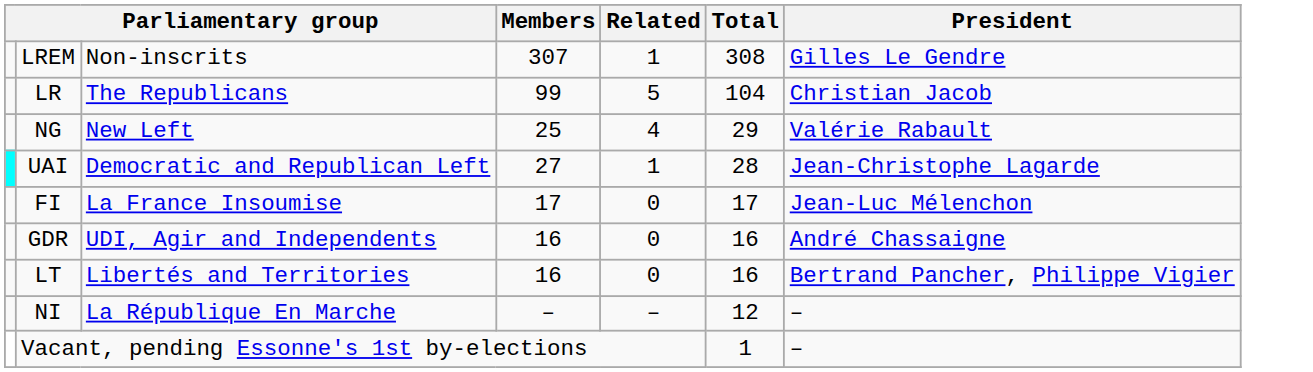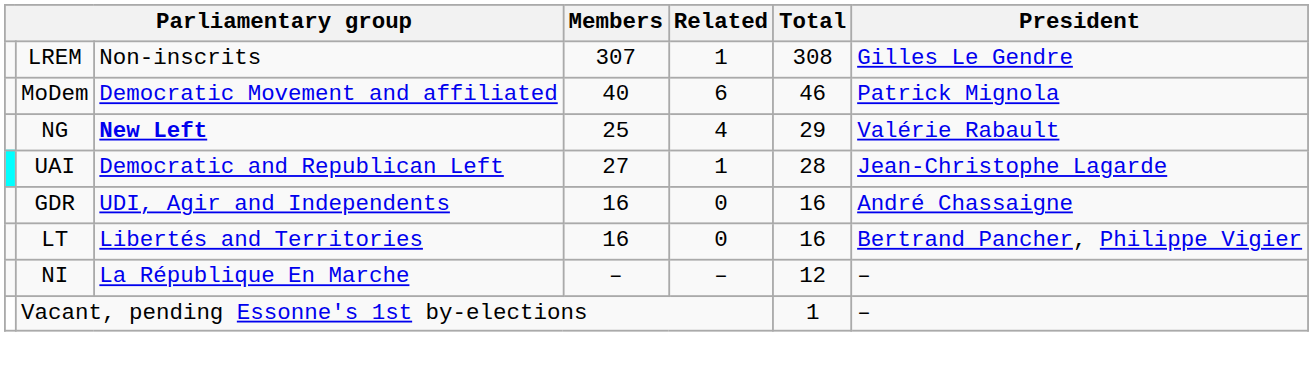 <table class="wikitable" style="font-size:95%;text-align:center;">
 <tr style="background-color:#E9E9E9;">
 <th colspan="3">Parliamentary group</th>
 <th>Members</th>
 <th>Related</th>
 <th>Total</th>
 <th>President</th>
 </tr>
 <tr>
 <td style="background:"></td>
 <td>LREM</td>
 <td style="text-align:left;">Non-inscrits</td>
 <td>307</td>
 <td>1</td>
 <td>308</td>
 <td style="text-align:left;"><a href='#'>Gilles Le Gendre</a></td>
 </tr>
 <tr>
 <td style="background:"></td>
-<td>LR</td>
-<td style="text-align:left;"><a href='#'>The Republicans</a></td>
-<td>99</td>
-<td>5</td>
-<td>104</td>
-<td style="text-align:left;"><a href='#'>Christian Jacob</a></td>
+<td>MoDem</td>
+<td style="text-align:left;"><a href='#'>Democratic Movement and affiliated</a></td>
+<td>40</td>
+<td>6</td>
+<td>46</td>
+<td style="text-align:left;"><a href='#'>Patrick Mignola</a></td>
 </tr>
 <tr>
 <td style="background:"></td>
 <td>NG</td>
-<td style="text-align:left;"><a href='#'>New Left</a></td>
+<td style="text-align:left;"><strong><a href='#'>New Left</a></strong></td>
 <td>25</td>
 <td>4</td>
 <td>29</td>
 <td style="text-align:left;"><a href='#'>Valérie Rabault</a></td>
 </tr>
 <tr>
 <td style="background:#00FFFF;"></td>
 <td>UAI</td>
 <td style="text-align:left;"><a href='#'>Democratic and Republican Left</a></td>
 <td>27</td>
 <td>1</td>
 <td>28</td>
 <td style="text-align:left;"><a href='#'>Jean-Christophe Lagarde</a></td>
-</tr>
-<tr>
-<td style="background:"></td>
-<td>FI</td>
-<td style="text-align:left;"><a href='#'>La France Insoumise</a></td>
-<td>17</td>
-<td>0</td>
-<td>17</td>
-<td style="text-align:left;"><a href='#'>Jean-Luc Mélenchon</a></td>
 </tr>
 <tr>
 <td style="background:"></td>
 <td>GDR</td>
 <td style="text-align:left;"><a href='#'>UDI, Agir and Independents</a></td>
 <td>16</td>
 <td>0</td>
 <td>16</td>
 <td style="text-align:left;"><a href='#'>André Chassaigne</a></td>
 </tr>
 <tr>
 <td style="background:"></td>
 <td>LT</td>
 <td style="text-align:left;"><a href='#'>Libertés and Territories</a></td>
 <td>16</td>
 <td>0</td>
 <td>16</td>
 <td style="text-align:left;"><a href='#'>Bertrand Pancher</a>, <a href='#'>Philippe Vigier</a></td>
 </tr>
 <tr>
 <td style="background:"></td>
 <td>NI</td>
 <td style="text-align:left;"><a href='#'>La République En Marche</a></td>
 <td>–</td>
 <td>–</td>
 <td>12</td>
 <td style="text-align:left;">–</td>
 </tr>
 <tr>
 <td style="background:#FFFFFF;"></td>
 <td colspan="4" style="text-align:left;">Vacant, pending <a href='#'>Essonne's 1st</a> by-elections</td>
 <td>1</td>
 <td style="text-align:left;">–</td>
 </tr>
 </table>
